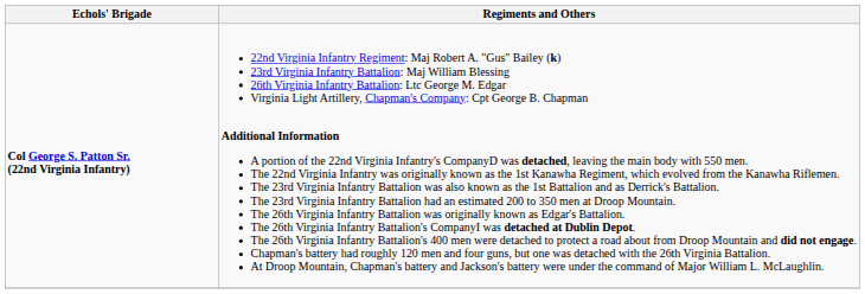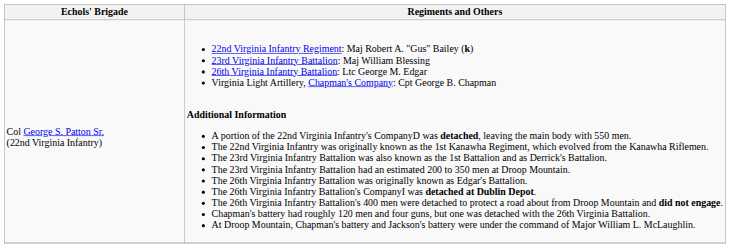 <table class="wikitable">
 <tr>
 <th width=25%>Echols' Brigade</th>
 <th>Regiments and Others</th>
 </tr>
 <tr>
-<td><strong><br>Col <a href='#'>George S. Patton Sr.</a><br>(22nd Virginia Infantry)</strong></td>
+<td><br>Col <a href='#'>George S. Patton Sr.</a><br>(22nd Virginia Infantry)</td>
 <td><br><ul><li><a href='#'>22nd Virginia Infantry Regiment</a>: Maj Robert A. "Gus" Bailey (<strong>k</strong>)</li><li><a href='#'>23rd Virginia Infantry Battalion</a>: Maj William Blessing</li><li><a href='#'>26th Virginia Infantry Battalion</a>: Ltc George M. Edgar</li><li>Virginia Light Artillery, <a href='#'>Chapman's Company</a>: Cpt George B. Chapman</li></ul><br> <strong>Additional Information</strong><ul><li>A portion of the 22nd Virginia Infantry's CompanyD was <strong>detached</strong>, leaving the main body with 550 men.</li><li>The 22nd Virginia Infantry was originally known as the 1st Kanawha Regiment, which evolved from the Kanawha Riflemen.</li><li>The 23rd Virginia Infantry Battalion was also known as the 1st Battalion and as Derrick's Battalion.</li><li>The 23rd Virginia Infantry Battalion had an estimated 200 to 350 men at Droop Mountain.</li><li>The 26th Virginia Infantry Battalion was originally known as Edgar's Battalion.</li><li>The 26th Virginia Infantry Battalion's CompanyI was <strong>detached at Dublin Depot</strong>.</li><li>The 26th Virginia Infantry Battalion's 400 men were detached to protect a road about  from Droop Mountain and <strong>did not engage</strong>.</li><li>Chapman's battery had roughly 120 men and four guns, but one was detached with the 26th Virginia Battalion.</li><li>At Droop Mountain, Chapman's battery and Jackson's battery were under the command of Major William L. McLaughlin.</li></ul></td>
 </tr>
 <tr>
 </tr>
 </table>
